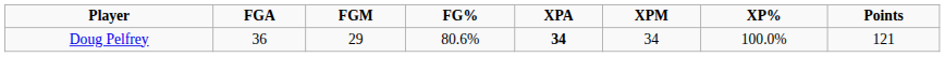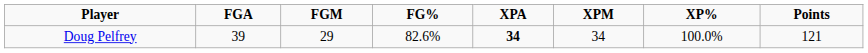 <table class="wikitable" width="80%">
 <tr align="center">
 <td><strong>Player</strong></td>
 <td><strong>FGA</strong></td>
 <td><strong>FGM</strong></td>
 <td><strong>FG%</strong></td>
 <td><strong>XPA</strong></td>
 <td><strong>XPM</strong></td>
 <td><strong>XP%</strong></td>
 <td><strong>Points</strong></td>
 </tr>
 <tr align="center" bgcolor="">
 <td><a href='#'>Doug Pelfrey</a></td>
-<td>36</td>
+<td>39</td>
 <td>29</td>
-<td>80.6%</td>
+<td>82.6%</td>
 <td><strong>34</strong></td>
 <td>34</td>
 <td>100.0%</td>
 <td>121</td>
 </tr>
 </table>
